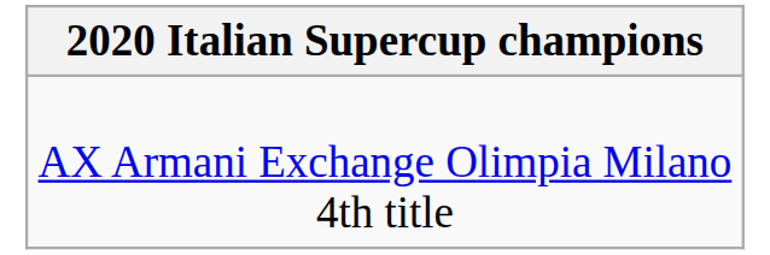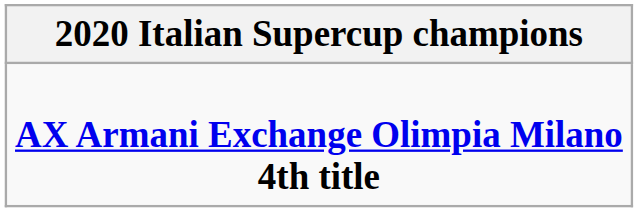 <table class=wikitable style="text-align:center; margin:auto">
 <tr>
 <th>2020 Italian Supercup champions</th>
 </tr>
 <tr>
-<td align = center> <br> <a href='#'>AX Armani Exchange Olimpia Milano</a> <br> 4th title</td>
+<td align = center><strong> <br> <a href='#'>AX Armani Exchange Olimpia Milano</a> <br> 4th title</strong></td>
 </tr>
 </table>
